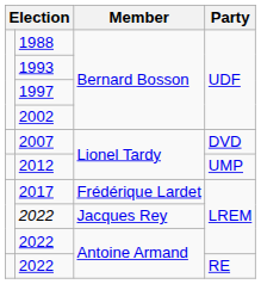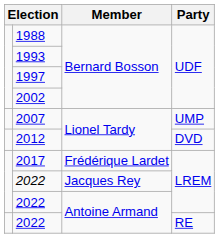 <table class="wikitable">
 <tr>
 <th colspan=2>Election</th>
 <th>Member</th>
 <th>Party</th>
 </tr>
 <tr>
 <td rowspan="4" style="background-color: "></td>
 <td><a href='#'>1988</a></td>
 <td rowspan="4"><a href='#'>Bernard Bosson</a></td>
 <td rowspan="4"><a href='#'>UDF</a></td>
 </tr>
 <tr>
 <td><a href='#'>1993</a></td>
 </tr>
 <tr>
 <td><a href='#'>1997</a></td>
 </tr>
 <tr>
 <td><a href='#'>2002</a></td>
 </tr>
 <tr>
 <td style="background-color: "></td>
 <td><a href='#'>2007</a></td>
 <td rowspan="2"><a href='#'>Lionel Tardy</a></td>
-<td><a href='#'>DVD</a></td>
+<td><a href='#'>UMP</a></td>
 </tr>
 <tr>
 <td style="background-color: "></td>
 <td><a href='#'>2012</a></td>
-<td><a href='#'>UMP</a></td>
+<td><a href='#'>DVD</a></td>
 </tr>
 <tr>
 <td rowspan="3" style="background-color: "></td>
 <td><a href='#'>2017</a></td>
 <td><a href='#'>Frédérique Lardet</a></td>
 <td rowspan="3"><a href='#'>LREM</a></td>
 </tr>
 <tr>
 <td><em>2022</em></td>
 <td><a href='#'>Jacques Rey</a></td>
 </tr>
 <tr>
 <td><a href='#'>2022</a></td>
 <td rowspan="2"><a href='#'>Antoine Armand</a></td>
 </tr>
 <tr>
 <td style="background-color: "></td>
 <td><a href='#'>2022</a></td>
 <td><a href='#'>RE</a></td>
 </tr>
 </table>
